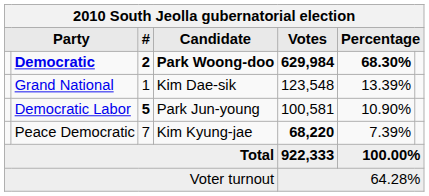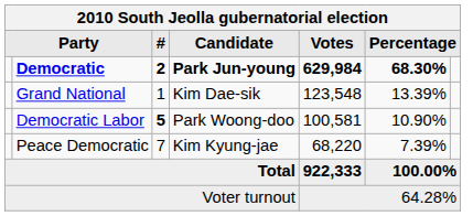 <table class="wikitable">
 <tr>
 <th colspan="7">2010 South Jeolla gubernatorial election</th>
 </tr>
 <tr>
 <th style="background-color:#E9E9E9" colspan=2>Party</th>
 <th style="background-color:#E9E9E9">#</th>
 <th style="background-color:#E9E9E9">Candidate</th>
 <th style="background-color:#E9E9E9">Votes</th>
 <th style="background-color:#E9E9E9" colspan=2>Percentage</th>
 </tr>
 <tr style="font-weight:bold">
 <td></td>
 <td align=left><a href='#'>Democratic</a></td>
 <td align=center>2</td>
-<td align=left>Park Woong-doo</td>
+<td align=left>Park Jun-young</td>
 <td align=right>629,984</td>
 <td align=right>68.30%</td>
 <td align=right></td>
 </tr>
 <tr>
 <td></td>
 <td align=left><a href='#'>Grand National</a></td>
 <td align=center>1</td>
 <td align=left>Kim Dae-sik</td>
 <td align=right>123,548</td>
 <td align=right>13.39%</td>
 <td align=right></td>
 </tr>
 <tr>
 <td></td>
 <td align=left><a href='#'>Democratic Labor</a></td>
 <td align=center><strong>5</strong></td>
-<td align=left>Park Jun-young</td>
+<td align=left>Park Woong-doo</td>
 <td align=right>100,581</td>
 <td align=right>10.90%</td>
 <td align=right></td>
 </tr>
 <tr>
 <td></td>
 <td align=left>Peace Democratic</td>
 <td align=center>7</td>
 <td align=left>Kim Kyung-jae</td>
-<td align=right><strong>68,220</strong></td>
+<td align=right>68,220</td>
 <td align=right>7.39%</td>
 <td align=right></td>
 </tr>
 <tr bgcolor="#EEEEEE" style="font-weight:bold">
 <td colspan="4" align=right>Total</td>
 <td align=right>922,333</td>
 <td align=right colspan=2>100.00%</td>
 </tr>
 <tr bgcolor="#EEEEEE">
 <td colspan="4" align="right">Voter turnout</td>
 <td colspan="3" align="right">64.28%</td>
 </tr>
 </table>
